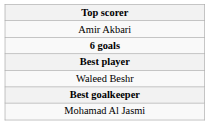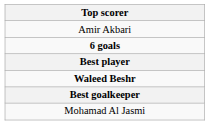 <table class="wikitable" style="margin: 1em auto 1em auto;">
 <tr>
 <th width=300>Top scorer</th>
 </tr>
 <tr align=center style="background:">
 <td style="text-align:center;"> Amir Akbari</td>
 </tr>
 <tr>
 <td style="text-align:center;"><strong>6 goals</strong></td>
 </tr>
 <tr>
 <th>Best player</th>
 </tr>
 <tr>
-<td style="text-align:center;"> Waleed Beshr</td>
+<td style="text-align:center;"><strong> Waleed Beshr</strong></td>
 </tr>
 <tr>
 <th>Best goalkeeper</th>
 </tr>
 <tr>
 <td style="text-align:center;"> Mohamad Al Jasmi</td>
 </tr>
 </table>
